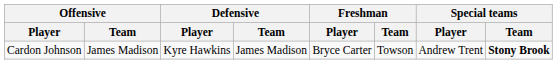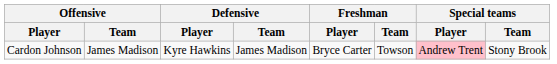 <table class="wikitable" border="1">
 <tr>
 <th colspan="2">Offensive</th>
 <th colspan="2">Defensive</th>
 <th colspan="2">Freshman</th>
 <th colspan="2">Special teams</th>
 </tr>
 <tr>
 <th>Player</th>
 <th>Team</th>
 <th>Player</th>
 <th>Team</th>
 <th>Player</th>
 <th>Team</th>
 <th>Player</th>
 <th>Team</th>
 </tr>
 <tr>
 <td>Cardon Johnson</td>
 <td>James Madison</td>
 <td>Kyre Hawkins</td>
 <td>James Madison</td>
 <td>Bryce Carter</td>
 <td>Towson</td>
-<td>Andrew Trent</td>
-<td><strong>Stony Brook</strong></td>
+<td style="background: pink;">Andrew Trent</td>
+<td>Stony Brook</td>
 </tr>
 </table>
